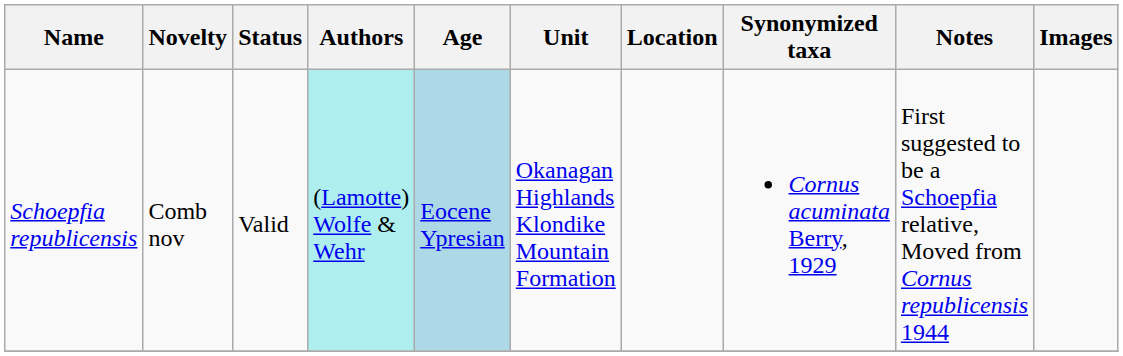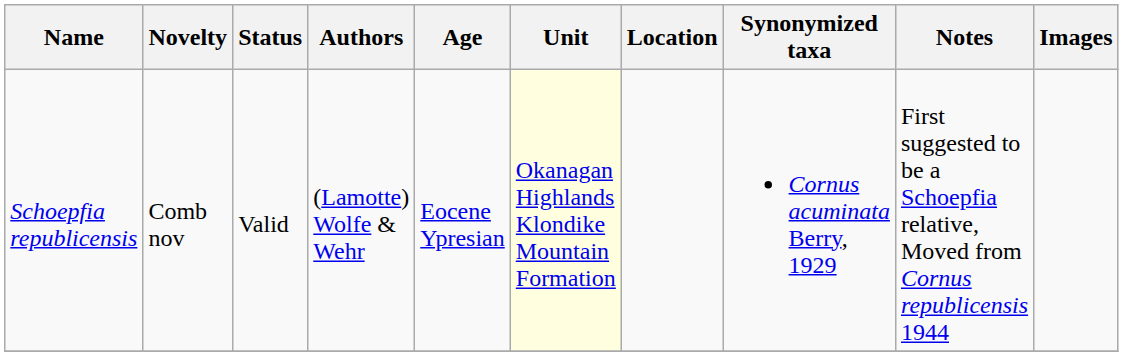 <table class="wikitable sortable" align="center" width="100%">
 <tr>
 <th>Name</th>
 <th>Novelty</th>
 <th>Status</th>
 <th>Authors</th>
 <th>Age</th>
 <th>Unit</th>
 <th>Location</th>
 <th>Synonymized taxa</th>
 <th>Notes</th>
 <th>Images</th>
 </tr>
 <tr>
 <td><br><em><a href='#'>Schoepfia republicensis</a></em></td>
 <td><br>Comb nov</td>
 <td><br>Valid</td>
-<td style="background: paleturquoise;"><br>(<a href='#'>Lamotte</a>) <a href='#'>Wolfe</a> & <a href='#'>Wehr</a></td>
-<td style="background: lightblue;"><br><a href='#'>Eocene</a><br><a href='#'>Ypresian</a></td>
-<td><br><a href='#'>Okanagan Highlands</a><br><a href='#'>Klondike Mountain Formation</a></td>
+<td><br>(<a href='#'>Lamotte</a>) <a href='#'>Wolfe</a> & <a href='#'>Wehr</a></td>
+<td><br><a href='#'>Eocene</a><br><a href='#'>Ypresian</a></td>
+<td style="background: lightyellow;"><br><a href='#'>Okanagan Highlands</a><br><a href='#'>Klondike Mountain Formation</a></td>
 <td><br><br></td>
 <td><br><ul><li><em><a href='#'>Cornus acuminata</a></em><br> <a href='#'>Berry</a>, <a href='#'>1929</a></li></ul></td>
 <td><br>First suggested to be a <a href='#'>Schoepfia</a> relative,<br> Moved from <em><a href='#'>Cornus republicensis</a></em> <a href='#'>1944</a></td>
 <td><br></td>
 </tr>
 <tr>
 </tr>
 </table>
